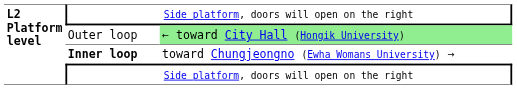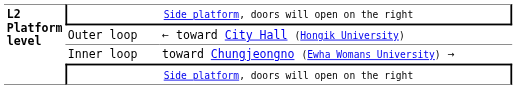 <table table border=0 cellspacing=0 cellpadding=3>
 <tr>
 <td style="border-top:solid 1px gray;border-bottom:solid 1px gray;" width=50 rowspan=10 valign=top><strong>L2<br>Platform level</strong></td>
 <td style="border-top:solid 1px gray;border-right:solid 2px black;border-left:solid 2px black;border-bottom:solid 2px black;text-align:center;" colspan=2><small><a href='#'>Side platform</a>, doors will open on the right </small></td>
 </tr>
 <tr>
 <td style="border-bottom:solid 1px gray;" width=100>Outer loop</td>
-<td style="background: lightgreen; border-bottom:solid 1px gray;" width=390>←  toward <a href='#'>City Hall</a> <small>(<a href='#'>Hongik University</a>)</small></td>
+<td style="border-bottom:solid 1px gray;" width=390>←  toward <a href='#'>City Hall</a> <small>(<a href='#'>Hongik University</a>)</small></td>
 </tr>
 <tr>
-<td><strong>Inner loop</strong></td>
+<td>Inner loop</td>
 <td>  toward <a href='#'>Chungjeongno</a> <small>(<a href='#'>Ewha Womans University</a>)</small> →</td>
 </tr>
 <tr>
 <td style="border-top:solid 2px black;border-right:solid 2px black;border-left:solid 2px black;border-bottom:solid 1px gray;text-align:center;" colspan=2><small><a href='#'>Side platform</a>, doors will open on the right </small></td>
 </tr>
 </table>
